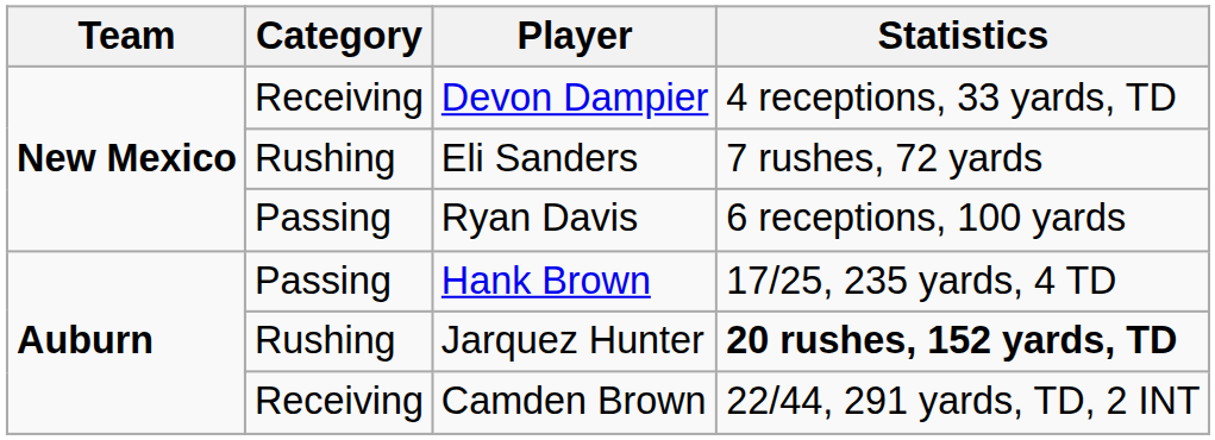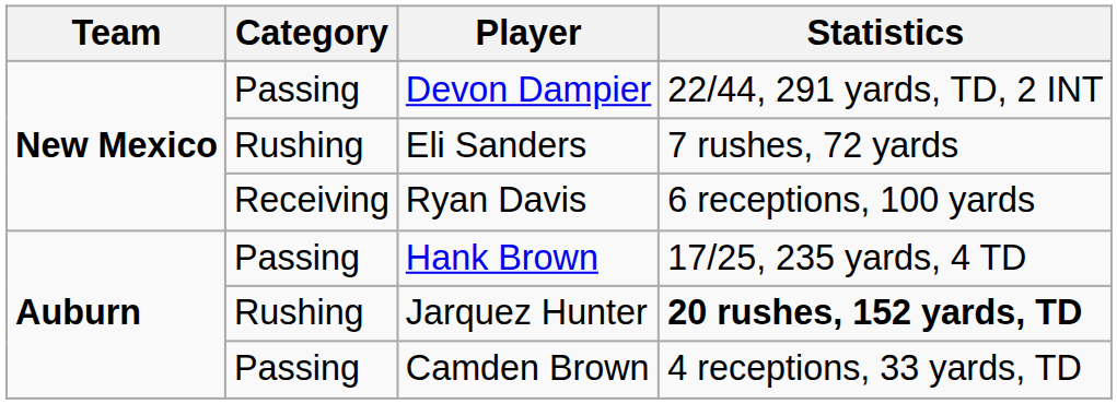 <table class="wikitable" style="float: right;">
 <tr>
 <th>Team</th>
 <th>Category</th>
 <th>Player</th>
 <th>Statistics</th>
 </tr>
 <tr>
 <td rowspan=3><strong>New Mexico</strong></td>
-<td>Receiving</td>
+<td>Passing</td>
 <td><a href='#'>Devon Dampier</a></td>
-<td>4 receptions, 33 yards, TD</td>
+<td>22/44, 291 yards, TD, 2 INT</td>
 </tr>
 <tr>
 <td>Rushing</td>
 <td>Eli Sanders</td>
 <td>7 rushes, 72 yards</td>
 </tr>
 <tr>
-<td>Passing</td>
+<td>Receiving</td>
 <td>Ryan Davis</td>
 <td>6 receptions, 100 yards</td>
 </tr>
 <tr>
 <td rowspan=3><strong>Auburn</strong></td>
 <td>Passing</td>
 <td><a href='#'>Hank Brown</a></td>
 <td>17/25, 235 yards, 4 TD</td>
 </tr>
 <tr>
 <td>Rushing</td>
 <td>Jarquez Hunter</td>
 <td><strong>20 rushes, 152 yards, TD</strong></td>
 </tr>
 <tr>
-<td>Receiving</td>
+<td>Passing</td>
 <td>Camden Brown</td>
-<td>22/44, 291 yards, TD, 2 INT</td>
+<td>4 receptions, 33 yards, TD</td>
 </tr>
 </table>
